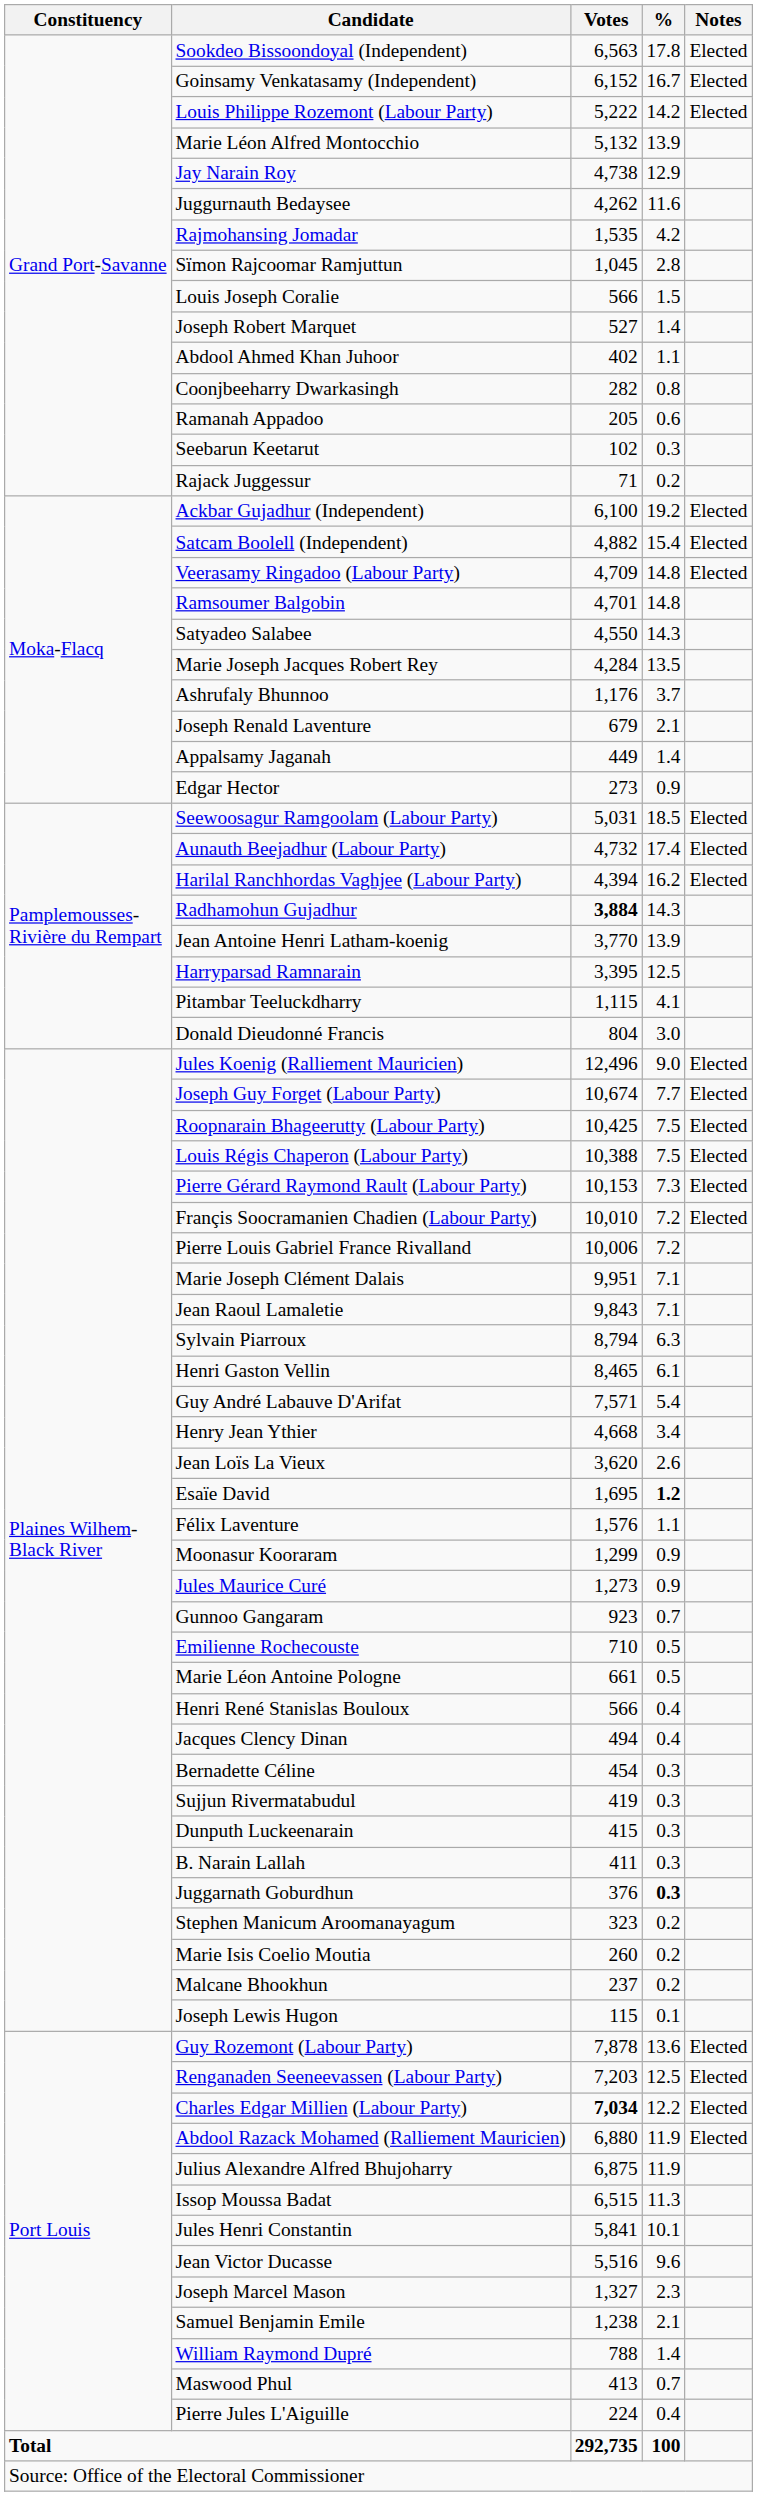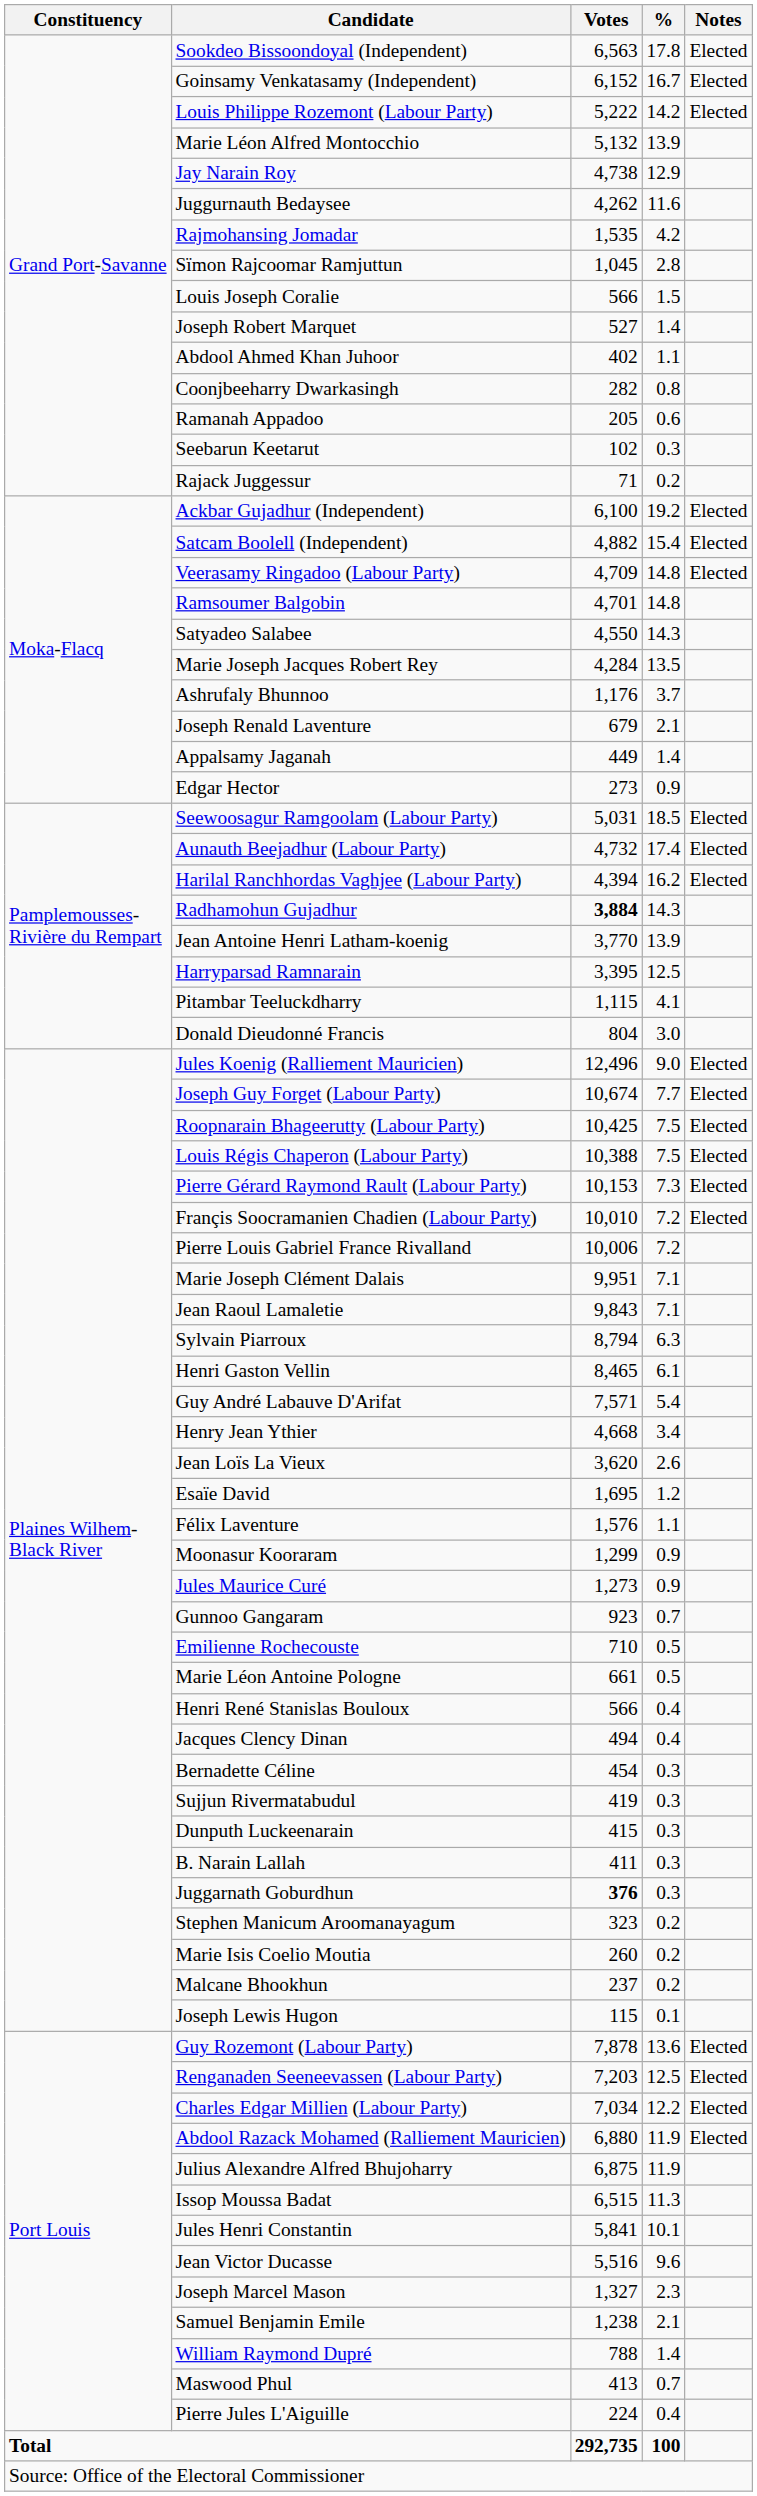 <table class=wikitable style=text-align:right>
 <tr>
 <th>Constituency</th>
 <th>Candidate</th>
 <th>Votes</th>
 <th>%</th>
 <th>Notes</th>
 </tr>
 <tr>
 <td align=left rowspan=15><a href='#'>Grand Port</a>-<a href='#'>Savanne</a></td>
 <td align=left><a href='#'>Sookdeo Bissoondoyal</a> (Independent)</td>
 <td>6,563</td>
 <td>17.8</td>
 <td>Elected</td>
 </tr>
 <tr>
 <td align=left>Goinsamy Venkatasamy (Independent)</td>
 <td>6,152</td>
 <td>16.7</td>
 <td>Elected</td>
 </tr>
 <tr>
 <td align=left><a href='#'>Louis Philippe Rozemont</a> (<a href='#'>Labour Party</a>)</td>
 <td>5,222</td>
 <td>14.2</td>
 <td>Elected</td>
 </tr>
 <tr>
 <td align=left>Marie Léon Alfred Montocchio</td>
 <td>5,132</td>
 <td>13.9</td>
 <td></td>
 </tr>
 <tr>
 <td align=left><a href='#'>Jay Narain Roy</a></td>
 <td>4,738</td>
 <td>12.9</td>
 <td></td>
 </tr>
 <tr>
 <td align=left>Juggurnauth Bedaysee</td>
 <td>4,262</td>
 <td>11.6</td>
 <td></td>
 </tr>
 <tr>
 <td align=left><a href='#'>Rajmohansing Jomadar</a></td>
 <td>1,535</td>
 <td>4.2</td>
 <td></td>
 </tr>
 <tr>
 <td align=left>Sïmon Rajcoomar Ramjuttun</td>
 <td>1,045</td>
 <td>2.8</td>
 <td></td>
 </tr>
 <tr>
 <td align=left>Louis Joseph Coralie</td>
 <td>566</td>
 <td>1.5</td>
 <td></td>
 </tr>
 <tr>
 <td align=left>Joseph Robert Marquet</td>
 <td>527</td>
 <td>1.4</td>
 <td></td>
 </tr>
 <tr>
 <td align=left>Abdool Ahmed Khan Juhoor</td>
 <td>402</td>
 <td>1.1</td>
 <td></td>
 </tr>
 <tr>
 <td align=left>Coonjbeeharry Dwarkasingh</td>
 <td>282</td>
 <td>0.8</td>
 <td></td>
 </tr>
 <tr>
 <td align=left>Ramanah Appadoo</td>
 <td>205</td>
 <td>0.6</td>
 <td></td>
 </tr>
 <tr>
 <td align=left>Seebarun Keetarut</td>
 <td>102</td>
 <td>0.3</td>
 <td></td>
 </tr>
 <tr>
 <td align=left>Rajack Juggessur</td>
 <td>71</td>
 <td>0.2</td>
 <td></td>
 </tr>
 <tr>
 <td align=left rowspan=10><a href='#'>Moka</a>-<a href='#'>Flacq</a></td>
 <td align=left><a href='#'>Ackbar Gujadhur</a> (Independent)</td>
 <td>6,100</td>
 <td>19.2</td>
 <td>Elected</td>
 </tr>
 <tr>
 <td align=left><a href='#'>Satcam Boolell</a> (Independent)</td>
 <td>4,882</td>
 <td>15.4</td>
 <td>Elected</td>
 </tr>
 <tr>
 <td align=left><a href='#'>Veerasamy Ringadoo</a> (<a href='#'>Labour Party</a>)</td>
 <td>4,709</td>
 <td>14.8</td>
 <td>Elected</td>
 </tr>
 <tr>
 <td align=left><a href='#'>Ramsoumer Balgobin</a></td>
 <td>4,701</td>
 <td>14.8</td>
 <td></td>
 </tr>
 <tr>
 <td align=left>Satyadeo Salabee</td>
 <td>4,550</td>
 <td>14.3</td>
 <td></td>
 </tr>
 <tr>
 <td align=left>Marie Joseph Jacques Robert Rey</td>
 <td>4,284</td>
 <td>13.5</td>
 <td></td>
 </tr>
 <tr>
 <td align=left>Ashrufaly Bhunnoo</td>
 <td>1,176</td>
 <td>3.7</td>
 <td></td>
 </tr>
 <tr>
 <td align=left>Joseph Renald Laventure</td>
 <td>679</td>
 <td>2.1</td>
 <td></td>
 </tr>
 <tr>
 <td align=left>Appalsamy Jaganah</td>
 <td>449</td>
 <td>1.4</td>
 <td></td>
 </tr>
 <tr>
 <td align=left>Edgar Hector</td>
 <td>273</td>
 <td>0.9</td>
 <td></td>
 </tr>
 <tr>
 <td align=left rowspan=8><a href='#'>Pamplemousses</a>-<br><a href='#'>Rivière du Rempart</a></td>
 <td align=left><a href='#'>Seewoosagur Ramgoolam</a> (<a href='#'>Labour Party</a>)</td>
 <td>5,031</td>
 <td>18.5</td>
 <td>Elected</td>
 </tr>
 <tr>
 <td align=left><a href='#'>Aunauth Beejadhur</a> (<a href='#'>Labour Party</a>)</td>
 <td>4,732</td>
 <td>17.4</td>
 <td>Elected</td>
 </tr>
 <tr>
 <td align=left><a href='#'>Harilal Ranchhordas Vaghjee</a> (<a href='#'>Labour Party</a>)</td>
 <td>4,394</td>
 <td>16.2</td>
 <td>Elected</td>
 </tr>
 <tr>
 <td align=left><a href='#'>Radhamohun Gujadhur</a></td>
 <td><strong>3,884</strong></td>
 <td>14.3</td>
 <td></td>
 </tr>
 <tr>
 <td align=left>Jean Antoine Henri Latham-koenig</td>
 <td>3,770</td>
 <td>13.9</td>
 <td></td>
 </tr>
 <tr>
 <td align=left><a href='#'>Harryparsad Ramnarain</a></td>
 <td>3,395</td>
 <td>12.5</td>
 <td></td>
 </tr>
 <tr>
 <td align=left>Pitambar Teeluckdharry</td>
 <td>1,115</td>
 <td>4.1</td>
 <td></td>
 </tr>
 <tr>
 <td align=left>Donald Dieudonné Francis</td>
 <td>804</td>
 <td>3.0</td>
 <td></td>
 </tr>
 <tr>
 <td align=left rowspan=32><a href='#'>Plaines Wilhem</a>-<br><a href='#'>Black River</a></td>
 <td align=left><a href='#'>Jules Koenig</a> (<a href='#'>Ralliement Mauricien</a>)</td>
 <td>12,496</td>
 <td>9.0</td>
 <td>Elected</td>
 </tr>
 <tr>
 <td align=left><a href='#'>Joseph Guy Forget</a> (<a href='#'>Labour Party</a>)</td>
 <td>10,674</td>
 <td>7.7</td>
 <td>Elected</td>
 </tr>
 <tr>
 <td align=left><a href='#'>Roopnarain Bhageerutty</a> (<a href='#'>Labour Party</a>)</td>
 <td>10,425</td>
 <td>7.5</td>
 <td>Elected</td>
 </tr>
 <tr>
 <td align=left><a href='#'>Louis Régis Chaperon</a> (<a href='#'>Labour Party</a>)</td>
 <td>10,388</td>
 <td>7.5</td>
 <td>Elected</td>
 </tr>
 <tr>
 <td align=left><a href='#'>Pierre Gérard Raymond Rault</a> (<a href='#'>Labour Party</a>)</td>
 <td>10,153</td>
 <td>7.3</td>
 <td>Elected</td>
 </tr>
 <tr>
 <td align=left>Françis Soocramanien Chadien (<a href='#'>Labour Party</a>)</td>
 <td>10,010</td>
 <td>7.2</td>
 <td>Elected</td>
 </tr>
 <tr>
 <td align=left>Pierre Louis Gabriel France Rivalland</td>
 <td>10,006</td>
 <td>7.2</td>
 <td></td>
 </tr>
 <tr>
 <td align=left>Marie Joseph Clément Dalais</td>
 <td>9,951</td>
 <td>7.1</td>
 <td></td>
 </tr>
 <tr>
 <td align=left>Jean Raoul Lamaletie</td>
 <td>9,843</td>
 <td>7.1</td>
 <td></td>
 </tr>
 <tr>
 <td align=left>Sylvain Piarroux</td>
 <td>8,794</td>
 <td>6.3</td>
 <td></td>
 </tr>
 <tr>
 <td align=left>Henri Gaston Vellin</td>
 <td>8,465</td>
 <td>6.1</td>
 <td></td>
 </tr>
 <tr>
 <td align=left>Guy André Labauve D'Arifat</td>
 <td>7,571</td>
 <td>5.4</td>
 <td></td>
 </tr>
 <tr>
 <td align=left>Henry Jean Ythier</td>
 <td>4,668</td>
 <td>3.4</td>
 <td></td>
 </tr>
 <tr>
 <td align=left>Jean Loïs La Vieux</td>
 <td>3,620</td>
 <td>2.6</td>
 <td></td>
 </tr>
 <tr>
 <td align=left>Esaïe David</td>
 <td>1,695</td>
-<td><strong>1.2</strong></td>
+<td>1.2</td>
 <td></td>
 </tr>
 <tr>
 <td align=left>Félix Laventure</td>
 <td>1,576</td>
 <td>1.1</td>
 <td></td>
 </tr>
 <tr>
 <td align=left>Moonasur Kooraram</td>
 <td>1,299</td>
 <td>0.9</td>
 <td></td>
 </tr>
 <tr>
 <td align=left><a href='#'>Jules Maurice Curé</a></td>
 <td>1,273</td>
 <td>0.9</td>
 <td></td>
 </tr>
 <tr>
 <td align=left>Gunnoo Gangaram</td>
 <td>923</td>
 <td>0.7</td>
 <td></td>
 </tr>
 <tr>
 <td align=left><a href='#'>Emilienne Rochecouste</a></td>
 <td>710</td>
 <td>0.5</td>
 <td></td>
 </tr>
 <tr>
 <td align=left>Marie Léon Antoine Pologne</td>
 <td>661</td>
 <td>0.5</td>
 <td></td>
 </tr>
 <tr>
 <td align=left>Henri René Stanislas Bouloux</td>
 <td>566</td>
 <td>0.4</td>
 <td></td>
 </tr>
 <tr>
 <td align=left>Jacques Clency Dinan</td>
 <td>494</td>
 <td>0.4</td>
 <td></td>
 </tr>
 <tr>
 <td align=left>Bernadette Céline</td>
 <td>454</td>
 <td>0.3</td>
 <td></td>
 </tr>
 <tr>
 <td align=left>Sujjun Rivermatabudul</td>
 <td>419</td>
 <td>0.3</td>
 <td></td>
 </tr>
 <tr>
 <td align=left>Dunputh Luckeenarain</td>
 <td>415</td>
 <td>0.3</td>
 <td></td>
 </tr>
 <tr>
 <td align=left>B. Narain Lallah</td>
 <td>411</td>
 <td>0.3</td>
 <td></td>
 </tr>
 <tr>
 <td align=left>Juggarnath Goburdhun</td>
-<td>376</td>
-<td><strong>0.3</strong></td>
+<td><strong>376</strong></td>
+<td>0.3</td>
 <td></td>
 </tr>
 <tr>
 <td align=left>Stephen Manicum Aroomanayagum</td>
 <td>323</td>
 <td>0.2</td>
 <td></td>
 </tr>
 <tr>
 <td align=left>Marie Isis Coelio Moutia</td>
 <td>260</td>
 <td>0.2</td>
 <td></td>
 </tr>
 <tr>
 <td align=left>Malcane Bhookhun</td>
 <td>237</td>
 <td>0.2</td>
 <td></td>
 </tr>
 <tr>
 <td align=left>Joseph Lewis Hugon</td>
 <td>115</td>
 <td>0.1</td>
 <td></td>
 </tr>
 <tr>
 <td align=left rowspan=13><a href='#'>Port Louis</a></td>
 <td align=left><a href='#'>Guy Rozemont</a> (<a href='#'>Labour Party</a>)</td>
 <td>7,878</td>
 <td>13.6</td>
 <td>Elected</td>
 </tr>
 <tr>
 <td align=left><a href='#'>Renganaden Seeneevassen</a> (<a href='#'>Labour Party</a>)</td>
 <td>7,203</td>
 <td>12.5</td>
 <td>Elected</td>
 </tr>
 <tr>
 <td align=left><a href='#'>Charles Edgar Millien</a> (<a href='#'>Labour Party</a>)</td>
-<td><strong>7,034</strong></td>
+<td>7,034</td>
 <td>12.2</td>
 <td>Elected</td>
 </tr>
 <tr>
 <td align=left><a href='#'>Abdool Razack Mohamed</a> (<a href='#'>Ralliement Mauricien</a>)</td>
 <td>6,880</td>
 <td>11.9</td>
 <td>Elected</td>
 </tr>
 <tr>
 <td align=left>Julius Alexandre Alfred Bhujoharry</td>
 <td>6,875</td>
 <td>11.9</td>
 <td></td>
 </tr>
 <tr>
 <td align=left>Issop Moussa Badat</td>
 <td>6,515</td>
 <td>11.3</td>
 <td></td>
 </tr>
 <tr>
 <td align=left>Jules Henri Constantin</td>
 <td>5,841</td>
 <td>10.1</td>
 <td></td>
 </tr>
 <tr>
 <td align=left>Jean Victor Ducasse</td>
 <td>5,516</td>
 <td>9.6</td>
 <td></td>
 </tr>
 <tr>
 <td align=left>Joseph Marcel Mason</td>
 <td>1,327</td>
 <td>2.3</td>
 <td></td>
 </tr>
 <tr>
 <td align=left>Samuel Benjamin Emile</td>
 <td>1,238</td>
 <td>2.1</td>
 <td></td>
 </tr>
 <tr>
 <td align=left><a href='#'>William Raymond Dupré</a></td>
 <td>788</td>
 <td>1.4</td>
 <td></td>
 </tr>
 <tr>
 <td align=left>Maswood Phul</td>
 <td>413</td>
 <td>0.7</td>
 <td></td>
 </tr>
 <tr>
 <td align=left>Pierre Jules L'Aiguille</td>
 <td>224</td>
 <td>0.4</td>
 <td></td>
 </tr>
 <tr>
 <td align=left colspan=2><strong>Total</strong></td>
 <td><strong>292,735</strong></td>
 <td><strong>100</strong></td>
 <td></td>
 </tr>
 <tr>
 <td align=left colspan=5>Source: Office of the Electoral Commissioner</td>
 </tr>
 </table>
